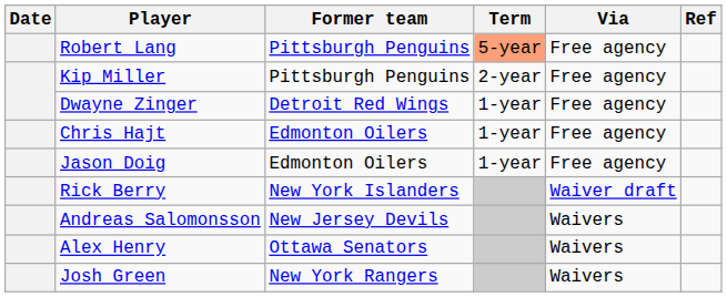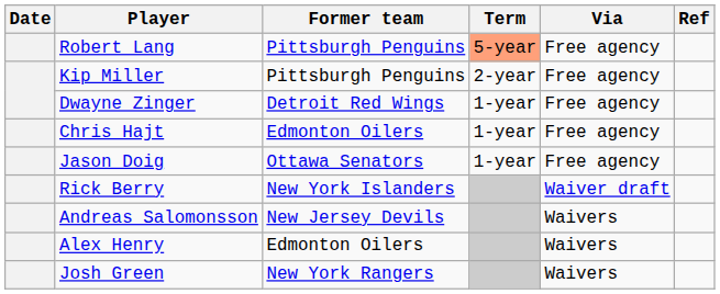 <table class="wikitable plainrowheaders">
 <tr style="background:#ddd; text-align:center;">
 <th>Date</th>
 <th>Player</th>
 <th>Former team</th>
 <th>Term</th>
 <th>Via</th>
 <th>Ref</th>
 </tr>
 <tr>
 <th scope="row"></th>
 <td><a href='#'>Robert Lang</a></td>
 <td><a href='#'>Pittsburgh Penguins</a></td>
 <td style="background: lightsalmon;">5-year</td>
 <td>Free agency</td>
 <td></td>
 </tr>
 <tr>
 <th scope="row" rowspan=2></th>
 <td><a href='#'>Kip Miller</a></td>
 <td>Pittsburgh Penguins</td>
 <td>2-year</td>
 <td>Free agency</td>
 <td></td>
 </tr>
 <tr>
 <td><a href='#'>Dwayne Zinger</a></td>
 <td><a href='#'>Detroit Red Wings</a></td>
 <td>1-year</td>
 <td>Free agency</td>
 <td></td>
 </tr>
 <tr>
 <th scope="row"></th>
 <td><a href='#'>Chris Hajt</a></td>
 <td><a href='#'>Edmonton Oilers</a></td>
 <td>1-year</td>
 <td>Free agency</td>
 <td></td>
 </tr>
 <tr>
 <th scope="row"></th>
 <td><a href='#'>Jason Doig</a></td>
-<td>Edmonton Oilers</td>
+<td><a href='#'>Ottawa Senators</a></td>
 <td>1-year</td>
 <td>Free agency</td>
 <td></td>
 </tr>
 <tr>
 <th scope="row"></th>
 <td><a href='#'>Rick Berry</a></td>
 <td><a href='#'>New York Islanders</a></td>
 <td style="background:#ccc"></td>
 <td><a href='#'>Waiver draft</a></td>
 <td></td>
 </tr>
 <tr>
 <th scope="row"></th>
 <td><a href='#'>Andreas Salomonsson</a></td>
 <td><a href='#'>New Jersey Devils</a></td>
 <td style="background:#ccc"></td>
 <td>Waivers</td>
 <td></td>
 </tr>
 <tr>
 <th scope="row"></th>
 <td><a href='#'>Alex Henry</a></td>
-<td><a href='#'>Ottawa Senators</a></td>
+<td>Edmonton Oilers</td>
 <td style="background:#ccc"></td>
 <td>Waivers</td>
 <td></td>
 </tr>
 <tr>
 <th scope="row"></th>
 <td><a href='#'>Josh Green</a></td>
 <td><a href='#'>New York Rangers</a></td>
 <td style="background:#ccc"></td>
 <td>Waivers</td>
 <td></td>
 </tr>
 </table>
